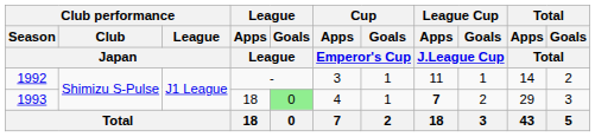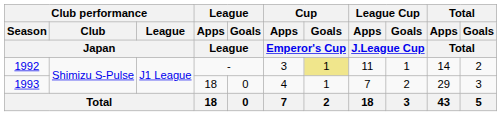 <table class="wikitable" style="text-align:center;">
 <tr>
 <th colspan=3>Club performance</th>
 <th colspan=2>League</th>
 <th colspan=2>Cup</th>
 <th colspan=2>League Cup</th>
 <th colspan=2>Total</th>
 </tr>
 <tr>
 <th>Season</th>
 <th>Club</th>
 <th>League</th>
 <th>Apps</th>
 <th>Goals</th>
 <th>Apps</th>
 <th>Goals</th>
 <th>Apps</th>
 <th>Goals</th>
 <th>Apps</th>
 <th>Goals</th>
 </tr>
 <tr>
 <th colspan=3>Japan</th>
 <th colspan=2>League</th>
 <th colspan=2><a href='#'>Emperor's Cup</a></th>
 <th colspan=2><a href='#'>J.League Cup</a></th>
 <th colspan=2>Total</th>
 </tr>
 <tr>
 <td><a href='#'>1992</a></td>
 <td rowspan="2"><a href='#'>Shimizu S-Pulse</a></td>
 <td rowspan="2"><a href='#'>J1 League</a></td>
 <td colspan="2">-</td>
 <td>3</td>
-<td>1</td>
+<td style="background: khaki;">1</td>
 <td>11</td>
 <td>1</td>
 <td>14</td>
 <td>2</td>
 </tr>
 <tr>
 <td><a href='#'>1993</a></td>
 <td>18</td>
-<td style="background: lightgreen;">0</td>
+<td>0</td>
 <td>4</td>
 <td>1</td>
-<td><strong>7</strong></td>
+<td>7</td>
 <td>2</td>
 <td>29</td>
 <td>3</td>
 </tr>
 <tr>
 <th colspan=3>Total</th>
 <th>18</th>
 <th>0</th>
 <th>7</th>
 <th>2</th>
 <th>18</th>
 <th>3</th>
 <th>43</th>
 <th>5</th>
 </tr>
 </table>
